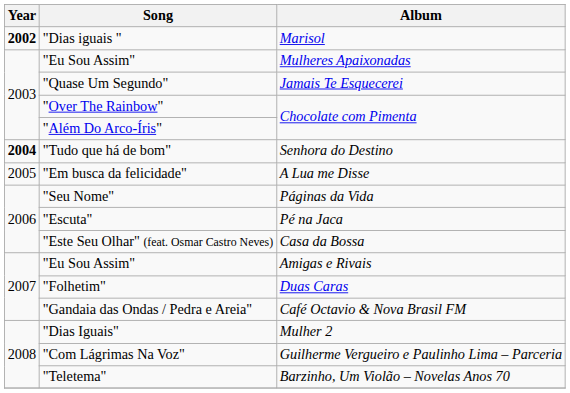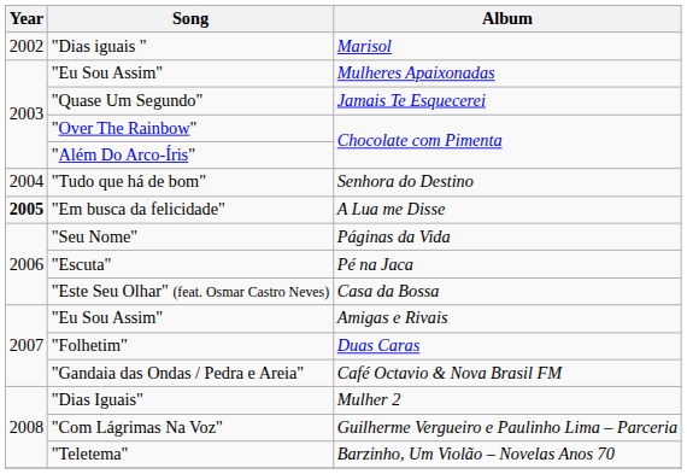 <table class="wikitable">
 <tr>
 <th align="left">Year</th>
 <th align="left">Song</th>
 <th align="left">Album</th>
 </tr>
 <tr>
-<td align="left"><strong>2002</strong></td>
+<td align="left">2002</td>
 <td align="left">"Dias iguais "</td>
 <td align="left"><em><a href='#'>Marisol</a></em></td>
 </tr>
 <tr>
 <td rowspan="4">2003</td>
 <td align="left">"Eu Sou Assim"</td>
 <td align="left"><em><a href='#'>Mulheres Apaixonadas</a></em></td>
 </tr>
 <tr>
 <td align="left">"Quase Um Segundo"</td>
 <td align="left"><em><a href='#'>Jamais Te Esquecerei</a></em></td>
 </tr>
 <tr>
 <td align="left">"<a href='#'>Over The Rainbow</a>"</td>
 <td rowspan="2"><em><a href='#'>Chocolate com Pimenta</a></em></td>
 </tr>
 <tr>
 <td align="left">"<a href='#'>Além Do Arco-Íris</a>"</td>
 </tr>
 <tr>
-<td align="left"><strong>2004</strong></td>
+<td align="left">2004</td>
 <td align="left">"Tudo que há de bom"</td>
 <td align="left"><em>Senhora do Destino</em></td>
 </tr>
 <tr>
-<td align="left">2005</td>
+<td align="left"><strong>2005</strong></td>
 <td align="left">"Em busca da felicidade"</td>
 <td align="left"><em>A Lua me Disse</em></td>
 </tr>
 <tr>
 <td rowspan="3">2006</td>
 <td align="left">"Seu Nome"</td>
 <td align="left"><em>Páginas da Vida</em></td>
 </tr>
 <tr>
 <td align="left">"Escuta"</td>
 <td align="left"><em>Pé na Jaca</em></td>
 </tr>
 <tr>
 <td align="left">"Este Seu Olhar" <small>(feat. Osmar Castro Neves)</small></td>
 <td align="left"><em>Casa da Bossa</em></td>
 </tr>
 <tr>
 <td rowspan="3">2007</td>
 <td align="left">"Eu Sou Assim"</td>
 <td align="left"><em>Amigas e Rivais</em></td>
 </tr>
 <tr>
 <td align="left">"Folhetim"</td>
 <td align="left"><em><a href='#'>Duas Caras</a></em></td>
 </tr>
 <tr>
 <td align="left">"Gandaia das Ondas / Pedra e Areia"</td>
 <td align="left"><em>Café Octavio & Nova Brasil FM </em></td>
 </tr>
 <tr>
 <td rowspan="3">2008</td>
 <td align="left">"Dias Iguais"</td>
 <td align="left"><em>Mulher 2</em></td>
 </tr>
 <tr>
 <td align="left">"Com Lágrimas Na Voz"</td>
 <td align="left"><em> Guilherme Vergueiro e Paulinho Lima – Parceria</em></td>
 </tr>
 <tr>
 <td align="left">"Teletema"</td>
 <td align="left"><em>Barzinho, Um Violão – Novelas Anos 70</em></td>
 </tr>
 <tr>
 </tr>
 </table>
